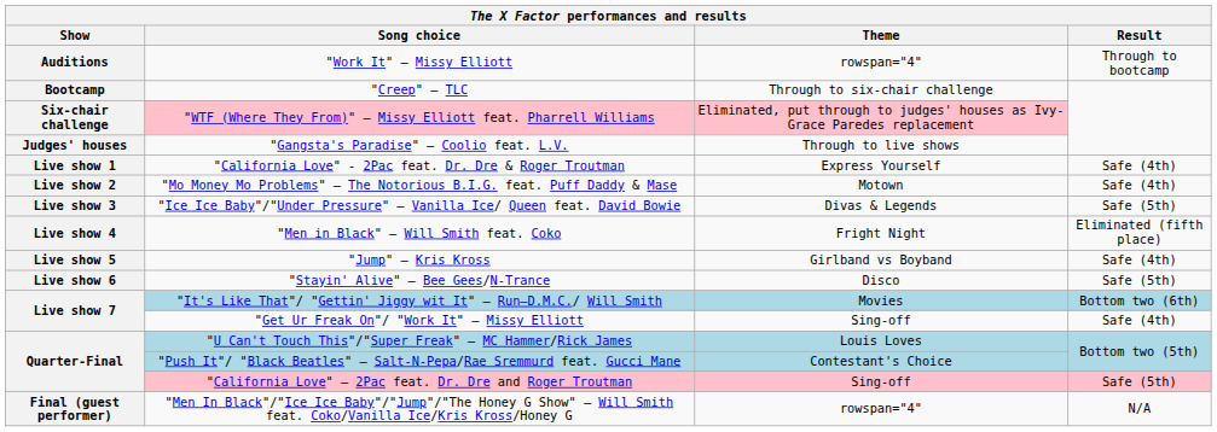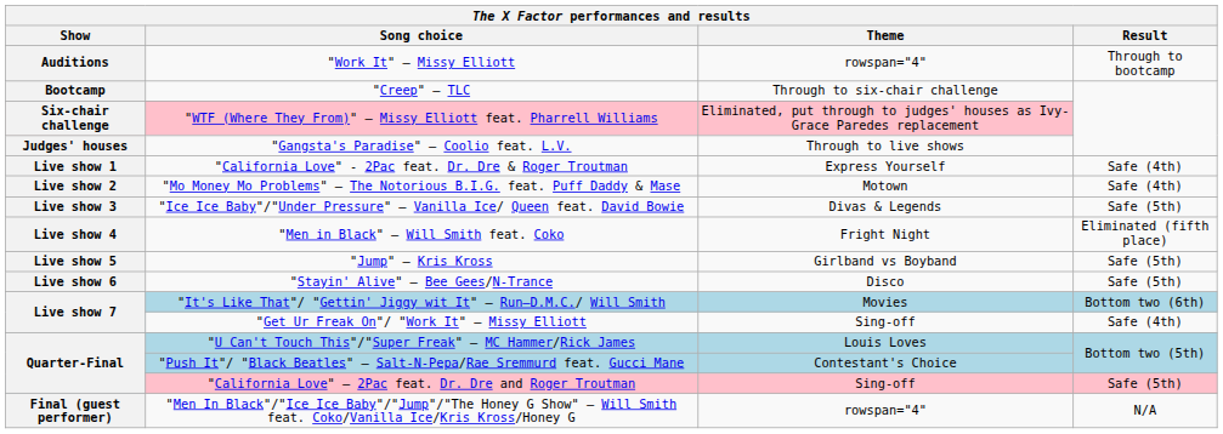 <table class="wikitable collapsible collapsed" style="margin:1em auto 1em auto; text-align:center;">
 <tr>
 <th colspan="4"><em>The X Factor</em> performances and results</th>
 </tr>
 <tr>
 <th>Show</th>
 <th>Song choice</th>
 <th>Theme</th>
 <th>Result</th>
 </tr>
 <tr>
 <th>Auditions</th>
 <td>"<a href='#'>Work It</a>" – <a href='#'>Missy Elliott</a></td>
 <td>rowspan="4" </td>
 <td>Through to bootcamp</td>
 </tr>
 <tr>
 <th>Bootcamp</th>
 <td>"<a href='#'>Creep</a>" – <a href='#'>TLC</a></td>
 <td>Through to six-chair challenge</td>
 </tr>
 <tr style="background:pink;">
 <th>Six-chair challenge</th>
 <td>"<a href='#'>WTF (Where They From)</a>" – <a href='#'>Missy Elliott</a> feat. <a href='#'>Pharrell Williams</a></td>
 <td>Eliminated, put through to judges' houses as Ivy-Grace Paredes replacement</td>
 </tr>
 <tr>
 <th>Judges' houses</th>
 <td>"<a href='#'>Gangsta's Paradise</a>" – <a href='#'>Coolio</a> feat. <a href='#'>L.V.</a></td>
 <td>Through to live shows</td>
 </tr>
 <tr>
 <th>Live show 1</th>
 <td>"<a href='#'>California Love</a>" - <a href='#'>2Pac</a> feat. <a href='#'>Dr. Dre</a> & <a href='#'>Roger Troutman</a></td>
 <td>Express Yourself</td>
 <td>Safe (4th)</td>
 </tr>
 <tr>
 <th>Live show 2</th>
 <td>"<a href='#'>Mo Money Mo Problems</a>" – <a href='#'>The Notorious B.I.G.</a> feat. <a href='#'>Puff Daddy</a> & <a href='#'>Mase</a></td>
 <td>Motown</td>
 <td>Safe (4th)</td>
 </tr>
 <tr>
 <th>Live show 3</th>
 <td>"<a href='#'>Ice Ice Baby</a>"/"<a href='#'>Under Pressure</a>" – <a href='#'>Vanilla Ice</a>/ <a href='#'>Queen</a> feat. <a href='#'>David Bowie</a></td>
 <td>Divas & Legends</td>
 <td>Safe (5th)</td>
 </tr>
 <tr>
 <th>Live show 4</th>
 <td>"<a href='#'>Men in Black</a>" – <a href='#'>Will Smith</a> feat. <a href='#'>Coko</a></td>
 <td>Fright Night</td>
 <td>Eliminated (fifth place)</td>
 </tr>
 <tr>
 <th>Live show 5</th>
 <td>"<a href='#'>Jump</a>" – <a href='#'>Kris Kross</a></td>
 <td>Girlband vs Boyband</td>
-<td>Safe (4th)</td>
+<td>Safe (5th)</td>
 </tr>
 <tr>
 <th>Live show 6</th>
 <td>"<a href='#'>Stayin' Alive</a>" – <a href='#'>Bee Gees</a>/<a href='#'>N-Trance</a></td>
 <td>Disco</td>
 <td>Safe (5th)</td>
 </tr>
 <tr style="background:lightblue;">
 <th rowspan="2">Live show 7</th>
 <td>"<a href='#'>It's Like That</a>"/ "<a href='#'>Gettin' Jiggy wit It</a>" – <a href='#'>Run–D.M.C.</a>/ <a href='#'>Will Smith</a></td>
 <td>Movies</td>
 <td>Bottom two (6th)</td>
 </tr>
 <tr>
 <td>"<a href='#'>Get Ur Freak On</a>"/ "<a href='#'>Work It</a>" – <a href='#'>Missy Elliott</a></td>
 <td>Sing-off</td>
 <td>Safe (4th)</td>
 </tr>
 <tr style="background:lightblue;">
 <th rowspan="3">Quarter-Final</th>
 <td>"<a href='#'>U Can't Touch This</a>"/"<a href='#'>Super Freak</a>" – <a href='#'>MC Hammer</a>/<a href='#'>Rick James</a></td>
 <td>Louis Loves</td>
 <td rowspan="2">Bottom two (5th)</td>
 </tr>
 <tr style="background:lightblue;">
 <td>"<a href='#'>Push It</a>"/ "<a href='#'>Black Beatles</a>" – <a href='#'>Salt-N-Pepa</a>/<a href='#'>Rae Sremmurd</a> feat. <a href='#'>Gucci Mane</a></td>
 <td>Contestant's Choice</td>
 </tr>
 <tr style="background:pink;">
 <td>"<a href='#'>California Love</a>" – <a href='#'>2Pac</a> feat. <a href='#'>Dr. Dre</a> and <a href='#'>Roger Troutman</a></td>
 <td>Sing-off</td>
 <td>Safe (5th)</td>
 </tr>
 <tr>
 <th>Final (guest performer)</th>
 <td>"<a href='#'>Men In Black</a>"/"<a href='#'>Ice Ice Baby</a>"/"<a href='#'>Jump</a>"/"The Honey G Show" — <a href='#'>Will Smith</a> feat. <a href='#'>Coko</a>/<a href='#'>Vanilla Ice</a>/<a href='#'>Kris Kross</a>/Honey G</td>
 <td>rowspan="4" </td>
 <td>N/A</td>
 </tr>
 </table>
